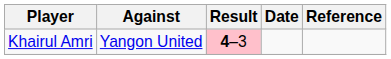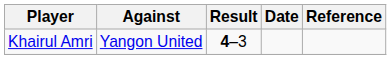 <table class="wikitable">
 <tr>
 <th>Player</th>
 <th>Against</th>
 <th style="text-align:center">Result</th>
 <th>Date</th>
 <th>Reference</th>
 </tr>
 <tr>
 <td> <a href='#'>Khairul Amri</a></td>
 <td> <a href='#'>Yangon United</a></td>
-<td style="background: pink; text-align:center;"><strong>4</strong>–3</td>
+<td style="text-align:center;"><strong>4</strong>–3</td>
 <td></td>
 <td></td>
 </tr>
 <tr>
 </tr>
 </table>
